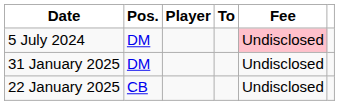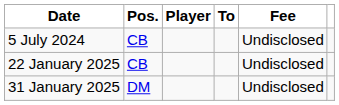 <table class="wikitable plainrowheaders sortable">
 <tr>
 <th style="background-color: white; color:black; ">Date</th>
 <th style="background-color: white; color:black; ">Pos.</th>
 <th style="background-color: white; color:black; ">Player</th>
 <th style="background-color: white; color:black; ">To</th>
 <th style="background-color: white; color:black; ">Fee</th>
 <th style="background-color: white; color:black; "></th>
 </tr>
 <tr>
 <td>5 July 2024</td>
-<td><a href='#'>DM</a></td>
-<td></td>
-<td></td>
-<td style="background: pink;">Undisclosed</td>
-<td></td>
-</tr>
-<tr>
-<td>31 January 2025</td>
-<td><a href='#'>DM</a></td>
+<td><a href='#'>CB</a></td>
 <td></td>
 <td></td>
 <td>Undisclosed</td>
 <td></td>
 </tr>
 <tr>
 <td>22 January 2025</td>
 <td><a href='#'>CB</a></td>
 <td></td>
 <td></td>
 <td>Undisclosed</td>
 <td></td>
 </tr>
+<tr>
+<td>31 January 2025</td>
+<td><a href='#'>DM</a></td>
+<td></td>
+<td></td>
+<td>Undisclosed</td>
+<td></td>
+</tr>
 </table>
